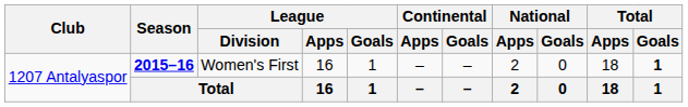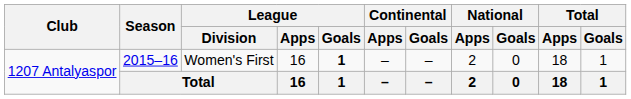 <table class="wikitable" style="text-align: center;">
 <tr>
 <th rowspan="2">Club</th>
 <th rowspan="2">Season</th>
 <th colspan="3">League</th>
 <th colspan="2">Continental</th>
 <th colspan="2">National</th>
 <th colspan="2">Total</th>
 </tr>
 <tr>
 <th>Division</th>
 <th>Apps</th>
 <th>Goals</th>
 <th>Apps</th>
 <th>Goals</th>
 <th>Apps</th>
 <th>Goals</th>
 <th>Apps</th>
 <th>Goals</th>
 </tr>
 <tr>
 <td rowspan=2><a href='#'>1207 Antalyaspor</a></td>
-<td><strong><a href='#'>2015–16</a></strong></td>
+<td><a href='#'>2015–16</a></td>
 <td>Women's First</td>
 <td>16</td>
-<td>1</td>
+<td><strong>1</strong></td>
 <td>–</td>
 <td>–</td>
 <td>2</td>
 <td>0</td>
 <td>18</td>
-<td><strong>1</strong></td>
+<td>1</td>
 </tr>
 <tr>
 <th colspan="2">Total</th>
 <th>16</th>
 <th>1</th>
 <th>–</th>
 <th>–</th>
 <th>2</th>
 <th>0</th>
 <th>18</th>
 <th>1</th>
 </tr>
 </table>
